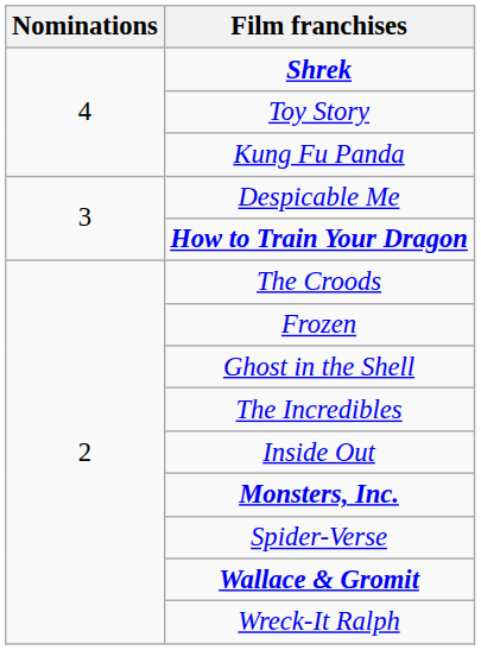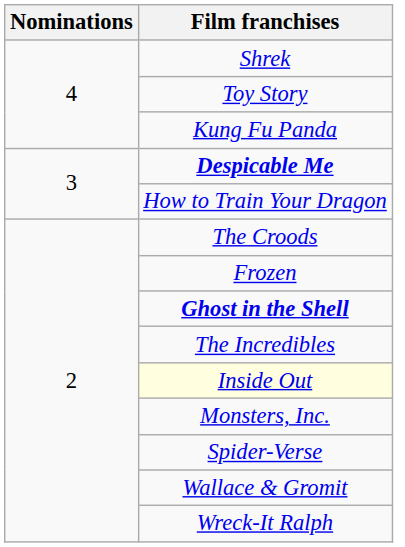 <table class="wikitable floatright" rowspan=2 style="text-align: center">
 <tr>
 <th scope="col" style="width:55px;">Nominations</th>
 <th scope="col" style="text-align:center;">Film franchises</th>
 </tr>
 <tr>
 <td rowspan="3" scope=row style="text-align:center">4</td>
-<td><strong><a href='#'><em>Shrek</em></a></strong></td>
+<td><a href='#'><em>Shrek</em></a></td>
 </tr>
 <tr>
 <td><a href='#'><em>Toy Story</em></a></td>
 </tr>
 <tr>
 <td><em><a href='#'>Kung Fu Panda</a></em></td>
 </tr>
 <tr>
 <td rowspan="2" scope=row style="text-align:center">3</td>
-<td><em><a href='#'>Despicable Me</a></em></td>
+<td><strong><em><a href='#'>Despicable Me</a></em></strong></td>
 </tr>
 <tr>
-<td><strong><em><a href='#'>How to Train Your Dragon</a></em></strong></td>
+<td><em><a href='#'>How to Train Your Dragon</a></em></td>
 </tr>
 <tr>
 <td rowspan="9" scope=row style="text-align:center">2</td>
 <td><a href='#'><em>The Croods</em></a></td>
 </tr>
 <tr>
 <td><a href='#'><em>Frozen</em></a></td>
 </tr>
 <tr>
-<td><em><a href='#'>Ghost in the Shell</a></em></td>
+<td><strong><em><a href='#'>Ghost in the Shell</a></em></strong></td>
 </tr>
 <tr>
 <td><a href='#'><em>The Incredibles</em></a></td>
 </tr>
 <tr>
-<td><a href='#'><em>Inside Out</em></a></td>
+<td style="background: lightyellow;"><a href='#'><em>Inside Out</em></a></td>
 </tr>
 <tr>
-<td><strong><a href='#'><em>Monsters, Inc.</em></a></strong></td>
+<td><a href='#'><em>Monsters, Inc.</em></a></td>
 </tr>
 <tr>
 <td><a href='#'><em>Spider-Verse</em></a></td>
 </tr>
 <tr>
-<td><strong><em><a href='#'>Wallace & Gromit</a></em></strong></td>
+<td><em><a href='#'>Wallace & Gromit</a></em></td>
 </tr>
 <tr>
 <td><a href='#'><em>Wreck-It Ralph</em></a></td>
 </tr>
 </table>
